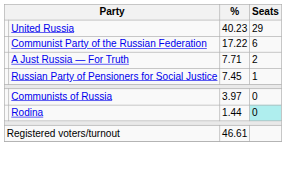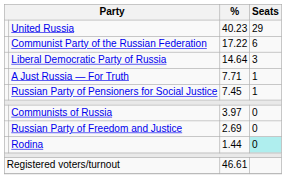 <table class="wikitable">
 <tr>
 <th colspan=2>Party</th>
 <th>%</th>
 <th>Seats</th>
 </tr>
 <tr>
 <td style="background:"></td>
 <td><a href='#'>United Russia</a></td>
 <td>40.23</td>
 <td>29</td>
 </tr>
 <tr>
 <td style="background:"></td>
 <td><a href='#'>Communist Party of the Russian Federation</a></td>
 <td>17.22</td>
 <td>6</td>
 </tr>
 <tr>
 <td style="background:"></td>
+<td><a href='#'>Liberal Democratic Party of Russia</a></td>
+<td>14.64</td>
+<td>3</td>
+</tr>
+<tr>
+<td style="background:"></td>
 <td><a href='#'>A Just Russia — For Truth</a></td>
 <td>7.71</td>
-<td>2</td>
+<td>1</td>
 </tr>
 <tr>
 <td style="background:"></td>
 <td><a href='#'>Russian Party of Pensioners for Social Justice</a></td>
 <td>7.45</td>
 <td>1</td>
 </tr>
 <tr>
 <td colspan=4 style="background:#E9E9E9;"></td>
 </tr>
 <tr>
 <td style="background:"></td>
 <td><a href='#'>Communists of Russia</a></td>
 <td>3.97</td>
+<td>0</td>
+</tr>
+<tr>
+<td style="background:"></td>
+<td><a href='#'>Russian Party of Freedom and Justice</a></td>
+<td>2.69</td>
 <td>0</td>
 </tr>
 <tr>
 <td style="background:"></td>
 <td><a href='#'>Rodina</a></td>
 <td>1.44</td>
 <td style="background: paleturquoise;">0</td>
 </tr>
 <tr>
 <td colspan=4 style="background:#E9E9E9;"></td>
 </tr>
 <tr>
 <td align=left colspan=2>Registered voters/turnout</td>
 <td>46.61</td>
 <td></td>
 </tr>
 <tr>
 </tr>
 </table>
